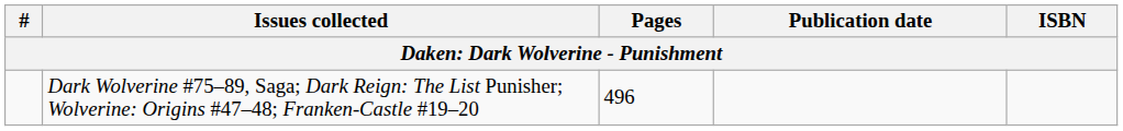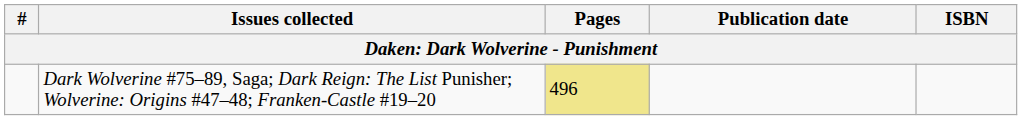 <table class="wikitable sortable" width=98%>
 <tr>
 <th class="unsortable">#</th>
 <th class="unsortable" width="50%">Issues collected</th>
 <th>Pages</th>
 <th>Publication date</th>
 <th class="unsortable">ISBN</th>
 </tr>
 <tr>
 <th colspan="5"><strong><em>Daken: Dark Wolverine - Punishment</em></strong></th>
 </tr>
 <tr>
 <td></td>
 <td><em>Dark Wolverine</em> #75–89, Saga; <em>Dark Reign: The List</em> Punisher; <em>Wolverine: Origins</em> #47–48; <em>Franken-Castle</em> #19–20</td>
-<td>496</td>
+<td style="background: khaki;">496</td>
 <td></td>
 <td></td>
 </tr>
 </table>
